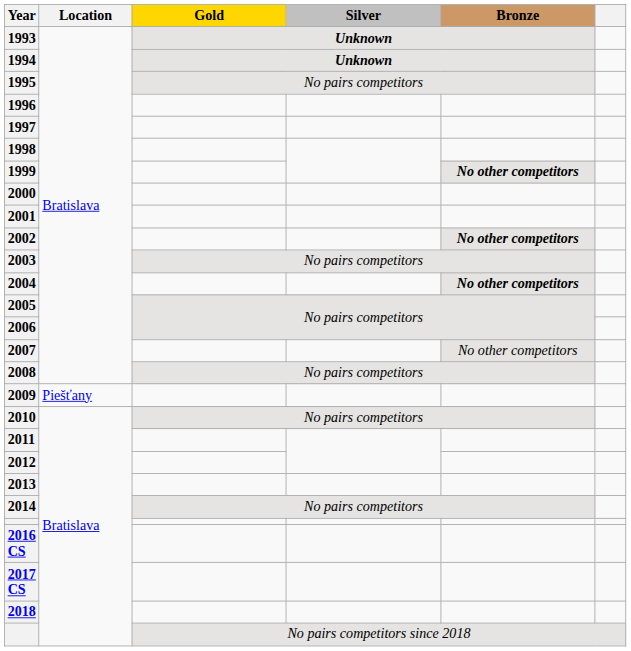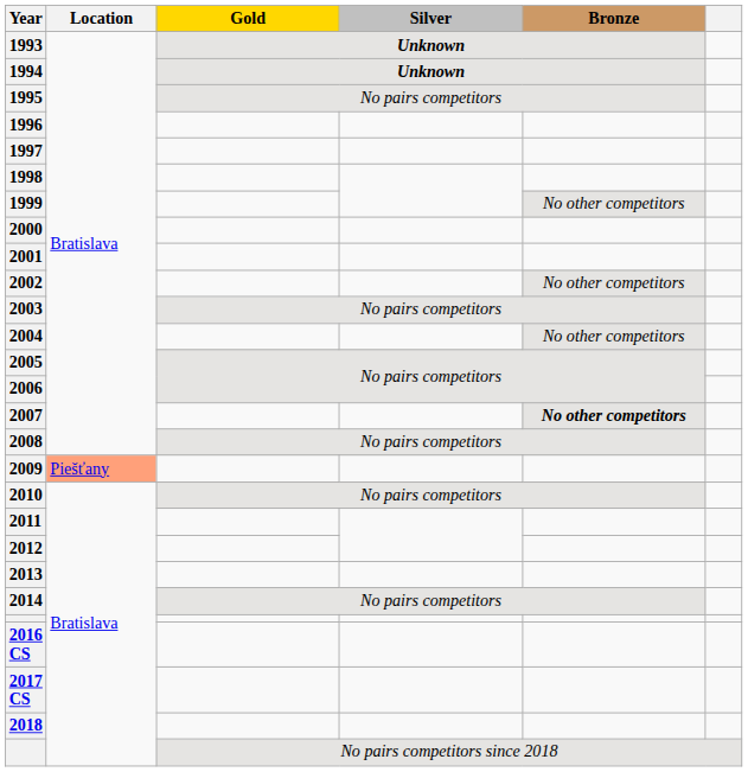 <table class="wikitable unsortable" style="text-align:left; width:80%">
 <tr>
 <th scope="col" style="text-align:center; width:5%">Year</th>
 <th scope="col" style="text-align:center; width:15%">Location</th>
 <th scope="col" style="text-align:center; width:25%; background:gold">Gold</th>
 <th scope="col" style="text-align:center; width:25%; background:silver">Silver</th>
 <th scope="col" style="text-align:center; width:25%; background:#c96">Bronze</th>
 <th scope="col" style="text-align:center; width:5%"></th>
 </tr>
 <tr>
 <th scope="row" style="text-align:left">1993</th>
 <td rowspan="16"><a href='#'>Bratislava</a></td>
 <td colspan="3" align="center" bgcolor="e5e4e2"><strong><em>Unknown</em></strong></td>
 <td></td>
 </tr>
 <tr>
 <th scope="row" style="text-align:left">1994</th>
 <td colspan="3" align="center" bgcolor="e5e4e2"><strong><em>Unknown</em></strong></td>
 <td></td>
 </tr>
 <tr>
 <th scope="row" style="text-align:left">1995</th>
 <td colspan="3" align="center" bgcolor="e5e4e2"><em>No pairs competitors</em></td>
 <td></td>
 </tr>
 <tr>
 <th scope="row" style="text-align:left">1996</th>
 <td></td>
 <td></td>
 <td></td>
 <td></td>
 </tr>
 <tr>
 <th scope="row" style="text-align:left">1997</th>
 <td></td>
 <td></td>
 <td></td>
 <td></td>
 </tr>
 <tr>
 <th scope="row" style="text-align:left">1998</th>
 <td></td>
 <td rowspan="2"></td>
 <td></td>
 <td></td>
 </tr>
 <tr>
 <th scope="row" style="text-align:left">1999</th>
 <td></td>
-<td align="center" bgcolor="e5e4e2"><strong><em>No other competitors</em></strong></td>
+<td align="center" bgcolor="e5e4e2"><em>No other competitors</em></td>
 <td></td>
 </tr>
 <tr>
 <th scope="row" style="text-align:left">2000</th>
 <td></td>
 <td></td>
 <td></td>
 <td></td>
 </tr>
 <tr>
 <th scope="row" style="text-align:left">2001</th>
 <td></td>
 <td></td>
 <td></td>
 <td></td>
 </tr>
 <tr>
 <th scope="row" style="text-align:left">2002</th>
 <td></td>
 <td></td>
-<td style="text-align:center" bgcolor="e5e4e2"><strong><em>No other competitors</em></strong></td>
+<td style="text-align:center" bgcolor="e5e4e2"><em>No other competitors</em></td>
 <td></td>
 </tr>
 <tr>
 <th scope="row" style="text-align:left">2003</th>
 <td colspan="3" align="center" bgcolor="e5e4e2"><em>No pairs competitors</em></td>
 <td></td>
 </tr>
 <tr>
 <th scope="row" style="text-align:left">2004</th>
 <td></td>
 <td></td>
-<td align="center" bgcolor="e5e4e2"><strong><em>No other competitors</em></strong></td>
+<td align="center" bgcolor="e5e4e2"><em>No other competitors</em></td>
 <td></td>
 </tr>
 <tr>
 <th scope="row" style="text-align:left">2005</th>
 <td colspan="3" rowspan="2" align="center" bgcolor="e5e4e2"><em>No pairs competitors</em></td>
 <td></td>
 </tr>
 <tr>
 <th scope="row" style="text-align:left">2006</th>
 <td></td>
 </tr>
 <tr>
 <th scope="row" style="text-align:left">2007</th>
 <td></td>
 <td></td>
-<td align="center" bgcolor="e5e4e2"><em>No other competitors</em></td>
+<td align="center" bgcolor="e5e4e2"><strong><em>No other competitors</em></strong></td>
 <td></td>
 </tr>
 <tr>
 <th scope="row" style="text-align:left">2008</th>
 <td colspan="3" align="center" bgcolor="e5e4e2"><em>No pairs competitors</em></td>
 <td></td>
 </tr>
 <tr>
 <th scope="row" style="text-align:left">2009</th>
-<td><a href='#'>Piešťany</a></td>
+<td style="background: lightsalmon;"><a href='#'>Piešťany</a></td>
 <td></td>
 <td></td>
 <td></td>
 <td></td>
 </tr>
 <tr>
 <th scope="row" style="text-align:left">2010</th>
 <td rowspan="10"><a href='#'>Bratislava</a></td>
 <td colspan="3" align="center" bgcolor="e5e4e2"><em>No pairs competitors</em></td>
 <td></td>
 </tr>
 <tr>
 <th scope="row" style="text-align:left">2011</th>
 <td></td>
 <td rowspan="2"></td>
 <td></td>
 <td></td>
 </tr>
 <tr>
 <th scope="row" style="text-align:left">2012</th>
 <td></td>
 <td></td>
 <td></td>
 </tr>
 <tr>
 <th scope="row" style="text-align:left">2013</th>
 <td></td>
 <td></td>
 <td></td>
 <td></td>
 </tr>
 <tr>
 <th scope="row" style="text-align:left">2014</th>
 <td colspan="3" align="center" bgcolor="e5e4e2"><em>No pairs competitors</em></td>
 <td></td>
 </tr>
 <tr>
 <th scope="row" style="text-align:left"></th>
 <td></td>
 <td></td>
 <td></td>
 <td></td>
 </tr>
 <tr>
 <th scope="row" style="text-align:left"><a href='#'>2016 CS</a></th>
 <td></td>
 <td></td>
 <td></td>
 <td></td>
 </tr>
 <tr>
 <th scope="row" style="text-align:left"><a href='#'>2017 CS</a></th>
 <td></td>
 <td></td>
 <td></td>
 <td></td>
 </tr>
 <tr>
 <th scope="row" style="text-align:left"><a href='#'>2018</a></th>
 <td></td>
 <td></td>
 <td></td>
 <td></td>
 </tr>
 <tr>
 <th scope="row" style="text-align:left"></th>
 <td colspan="4" align="center" bgcolor="e5e4e2"><em>No pairs competitors since 2018</em></td>
 </tr>
 </table>
